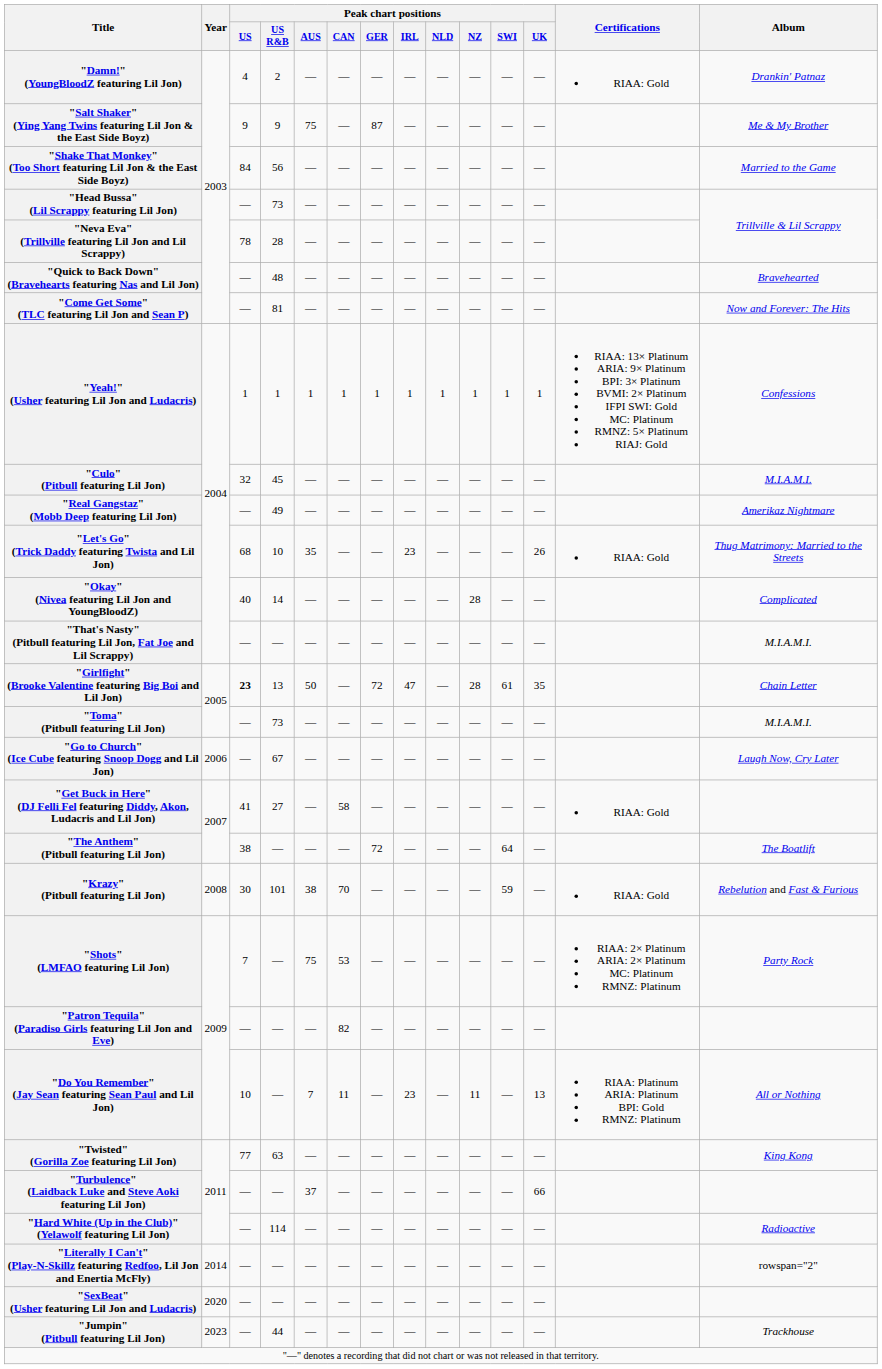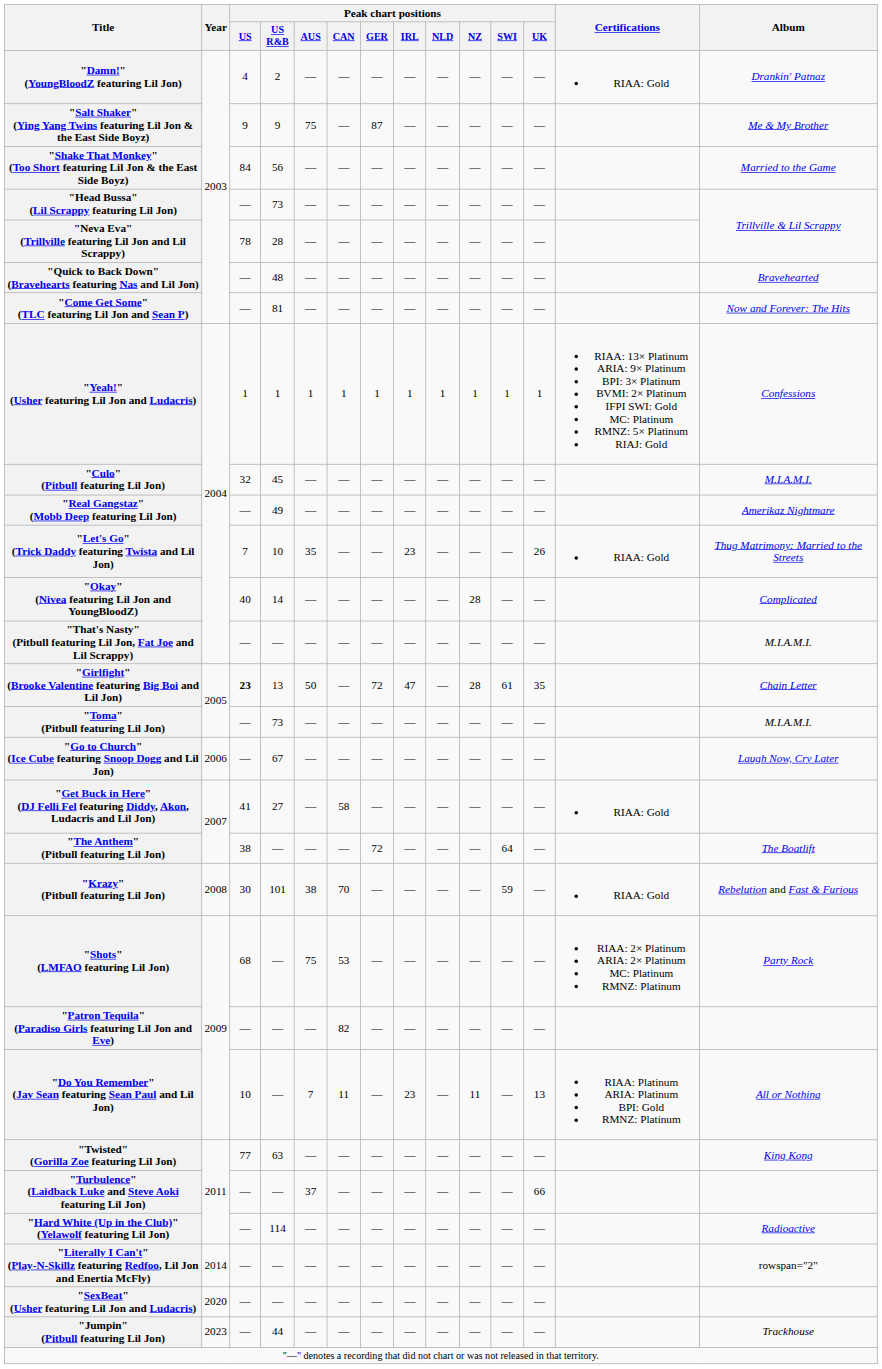 <table class="wikitable plainrowheaders" style="text-align:center;" border="1">
 <tr>
 <th scope="col" rowspan="2" style="width:20em;">Title</th>
 <th scope="col" rowspan="2">Year</th>
 <th scope="col" colspan="10">Peak chart positions</th>
 <th scope="col" rowspan="2" style="width:14em;"><a href='#'>Certifications</a></th>
 <th scope="col" rowspan="2" style="width:18em;">Album</th>
 </tr>
 <tr>
 <th scope="col" style="width:3em;font-size:90%;"><a href='#'>US</a></th>
 <th scope="col" style="width:3em;font-size:90%;"><a href='#'>US R&B</a></th>
 <th scope="col" style="width:3em;font-size:90%;"><a href='#'>AUS</a><br></th>
 <th scope="col" style="width:3em;font-size:90%;"><a href='#'>CAN</a></th>
 <th scope="col" style="width:3em;font-size:90%;"><a href='#'>GER</a></th>
 <th scope="col" style="width:3em;font-size:90%;"><a href='#'>IRL</a></th>
 <th scope="col" style="width:3em;font-size:90%;"><a href='#'>NLD</a></th>
 <th scope="col" style="width:3em;font-size:90%;"><a href='#'>NZ</a></th>
 <th scope="col" style="width:3em;font-size:90%;"><a href='#'>SWI</a></th>
 <th scope="col" style="width:3em;font-size:90%;"><a href='#'>UK</a></th>
 </tr>
 <tr>
 <th scope="row">"<a href='#'>Damn!</a>"<br><span>(<a href='#'>YoungBloodZ</a> featuring Lil Jon)</span></th>
 <td rowspan="7">2003</td>
 <td>4</td>
 <td>2</td>
 <td>—</td>
 <td>—</td>
 <td>—</td>
 <td>—</td>
 <td>—</td>
 <td>—</td>
 <td>—</td>
 <td>—</td>
 <td><br><ul><li>RIAA: Gold</li></ul></td>
 <td><em><a href='#'>Drankin' Patnaz</a></em></td>
 </tr>
 <tr>
 <th scope="row">"<a href='#'>Salt Shaker</a>" <br><span>(<a href='#'>Ying Yang Twins</a> featuring Lil Jon & the East Side Boyz)</span></th>
 <td>9</td>
 <td>9</td>
 <td>75</td>
 <td>—</td>
 <td>87</td>
 <td>—</td>
 <td>—</td>
 <td>—</td>
 <td>—</td>
 <td>—</td>
 <td></td>
 <td><em><a href='#'>Me & My Brother</a></em></td>
 </tr>
 <tr>
 <th scope="row">"<a href='#'>Shake That Monkey</a>"<br><span>(<a href='#'>Too Short</a> featuring Lil Jon & the East Side Boyz)</span></th>
 <td>84</td>
 <td>56</td>
 <td>—</td>
 <td>—</td>
 <td>—</td>
 <td>—</td>
 <td>—</td>
 <td>—</td>
 <td>—</td>
 <td>—</td>
 <td></td>
 <td><em><a href='#'>Married to the Game</a></em></td>
 </tr>
 <tr>
 <th scope="row">"Head Bussa" <br><span>(<a href='#'>Lil Scrappy</a> featuring Lil Jon)</span></th>
 <td>—</td>
 <td>73</td>
 <td>—</td>
 <td>—</td>
 <td>—</td>
 <td>—</td>
 <td>—</td>
 <td>—</td>
 <td>—</td>
 <td>—</td>
 <td></td>
 <td rowspan="2"><em><a href='#'>Trillville & Lil Scrappy</a></em></td>
 </tr>
 <tr>
 <th scope="row">"Neva Eva" <br><span>(<a href='#'>Trillville</a> featuring Lil Jon and Lil Scrappy)</span></th>
 <td>78</td>
 <td>28</td>
 <td>—</td>
 <td>—</td>
 <td>—</td>
 <td>—</td>
 <td>—</td>
 <td>—</td>
 <td>—</td>
 <td>—</td>
 <td></td>
 </tr>
 <tr>
 <th scope="row">"Quick to Back Down" <br><span>(<a href='#'>Bravehearts</a> featuring <a href='#'>Nas</a> and Lil Jon)</span></th>
 <td>—</td>
 <td>48</td>
 <td>—</td>
 <td>—</td>
 <td>—</td>
 <td>—</td>
 <td>—</td>
 <td>—</td>
 <td>—</td>
 <td>—</td>
 <td></td>
 <td><em><a href='#'>Bravehearted</a></em></td>
 </tr>
 <tr>
 <th scope="row">"<a href='#'>Come Get Some</a>" <br><span>(<a href='#'>TLC</a> featuring Lil Jon and <a href='#'>Sean P</a>)</span></th>
 <td>—</td>
 <td>81</td>
 <td>—</td>
 <td>—</td>
 <td>—</td>
 <td>—</td>
 <td>—</td>
 <td>—</td>
 <td>—</td>
 <td>—</td>
 <td></td>
 <td><em><a href='#'>Now and Forever: The Hits</a></em></td>
 </tr>
 <tr>
 <th scope="row">"<a href='#'>Yeah!</a>"<br><span>(<a href='#'>Usher</a> featuring Lil Jon and <a href='#'>Ludacris</a>)</span></th>
 <td rowspan="6">2004</td>
 <td>1</td>
 <td>1</td>
 <td>1</td>
 <td>1</td>
 <td>1</td>
 <td>1</td>
 <td>1</td>
 <td>1</td>
 <td>1</td>
 <td>1</td>
 <td><br><ul><li>RIAA: 13× Platinum</li><li>ARIA: 9× Platinum</li><li>BPI: 3× Platinum</li><li>BVMI: 2× Platinum</li><li>IFPI SWI: Gold</li><li>MC: Platinum</li><li>RMNZ: 5× Platinum</li><li>RIAJ: Gold</li></ul></td>
 <td><em><a href='#'>Confessions</a></em></td>
 </tr>
 <tr>
 <th scope="row">"<a href='#'>Culo</a>" <br><span>(<a href='#'>Pitbull</a> featuring Lil Jon)</span></th>
 <td>32</td>
 <td>45</td>
 <td>—</td>
 <td>—</td>
 <td>—</td>
 <td>—</td>
 <td>—</td>
 <td>—</td>
 <td>—</td>
 <td>—</td>
 <td></td>
 <td><em><a href='#'>M.I.A.M.I.</a></em></td>
 </tr>
 <tr>
 <th scope="row">"<a href='#'>Real Gangstaz</a>"<br><span>(<a href='#'>Mobb Deep</a> featuring Lil Jon)</span></th>
 <td>—</td>
 <td>49</td>
 <td>—</td>
 <td>—</td>
 <td>—</td>
 <td>—</td>
 <td>—</td>
 <td>—</td>
 <td>—</td>
 <td>—</td>
 <td></td>
 <td><em><a href='#'>Amerikaz Nightmare</a></em></td>
 </tr>
 <tr>
 <th scope="row">"<a href='#'>Let's Go</a>"<br><span>(<a href='#'>Trick Daddy</a> featuring <a href='#'>Twista</a> and Lil Jon)</span></th>
-<td>68</td>
+<td>7</td>
 <td>10</td>
 <td>35</td>
 <td>—</td>
 <td>—</td>
 <td>23</td>
 <td>—</td>
 <td>—</td>
 <td>—</td>
 <td>26</td>
 <td><br><ul><li>RIAA: Gold</li></ul></td>
 <td><em><a href='#'>Thug Matrimony: Married to the Streets</a></em></td>
 </tr>
 <tr>
 <th scope="row">"<a href='#'>Okay</a>" <br><span>(<a href='#'>Nivea</a> featuring Lil Jon and YoungBloodZ)</span></th>
 <td>40</td>
 <td>14</td>
 <td>—</td>
 <td>—</td>
 <td>—</td>
 <td>—</td>
 <td>—</td>
 <td>28</td>
 <td>—</td>
 <td>—</td>
 <td></td>
 <td><em><a href='#'>Complicated</a></em></td>
 </tr>
 <tr>
 <th scope="row">"That's Nasty" <br><span>(Pitbull featuring Lil Jon, <a href='#'>Fat Joe</a> and Lil Scrappy)</span></th>
 <td>—</td>
 <td>—</td>
 <td>—</td>
 <td>—</td>
 <td>—</td>
 <td>—</td>
 <td>—</td>
 <td>—</td>
 <td>—</td>
 <td>—</td>
 <td></td>
 <td><em>M.I.A.M.I.</em></td>
 </tr>
 <tr>
 <th scope="row">"<a href='#'>Girlfight</a>"<br><span>(<a href='#'>Brooke Valentine</a> featuring <a href='#'>Big Boi</a> and Lil Jon)</span></th>
 <td rowspan="2">2005</td>
 <td><strong>23</strong></td>
 <td>13</td>
 <td>50</td>
 <td>—</td>
 <td>72</td>
 <td>47</td>
 <td>—</td>
 <td>28</td>
 <td>61</td>
 <td>35</td>
 <td></td>
 <td><em><a href='#'>Chain Letter</a></em></td>
 </tr>
 <tr>
 <th scope="row">"<a href='#'>Toma</a>" <br><span>(Pitbull featuring Lil Jon)</span></th>
 <td>—</td>
 <td>73</td>
 <td>—</td>
 <td>—</td>
 <td>—</td>
 <td>—</td>
 <td>—</td>
 <td>—</td>
 <td>—</td>
 <td>—</td>
 <td></td>
 <td><em>M.I.A.M.I.</em></td>
 </tr>
 <tr>
 <th scope="row">"<a href='#'>Go to Church</a>"<br><span>(<a href='#'>Ice Cube</a> featuring <a href='#'>Snoop Dogg</a> and Lil Jon)</span></th>
 <td>2006</td>
 <td>—</td>
 <td>67</td>
 <td>—</td>
 <td>—</td>
 <td>—</td>
 <td>—</td>
 <td>—</td>
 <td>—</td>
 <td>—</td>
 <td>—</td>
 <td></td>
 <td><em><a href='#'>Laugh Now, Cry Later</a></em></td>
 </tr>
 <tr>
 <th scope="row">"<a href='#'>Get Buck in Here</a>"<br><span>(<a href='#'>DJ Felli Fel</a> featuring <a href='#'>Diddy</a>, <a href='#'>Akon</a>, Ludacris and Lil Jon)</span></th>
 <td rowspan="2">2007</td>
 <td>41</td>
 <td>27</td>
 <td>—</td>
 <td>58</td>
 <td>—</td>
 <td>—</td>
 <td>—</td>
 <td>—</td>
 <td>—</td>
 <td>—</td>
 <td><br><ul><li>RIAA: Gold</li></ul></td>
 <td></td>
 </tr>
 <tr>
 <th scope="row">"<a href='#'>The Anthem</a>" <br><span>(Pitbull featuring Lil Jon)</span></th>
 <td>38</td>
 <td>—</td>
 <td>—</td>
 <td>—</td>
 <td>72</td>
 <td>—</td>
 <td>—</td>
 <td>—</td>
 <td>64</td>
 <td>—</td>
 <td></td>
 <td><em><a href='#'>The Boatlift</a></em></td>
 </tr>
 <tr>
 <th scope="row">"<a href='#'>Krazy</a>"<br><span>(Pitbull featuring Lil Jon)</span></th>
 <td>2008</td>
 <td>30</td>
 <td>101</td>
 <td>38</td>
 <td>70</td>
 <td>—</td>
 <td>—</td>
 <td>—</td>
 <td>—</td>
 <td>59</td>
 <td>—</td>
 <td><br><ul><li>RIAA: Gold</li></ul></td>
 <td><em><a href='#'>Rebelution</a></em> and <em><a href='#'>Fast & Furious</a></em></td>
 </tr>
 <tr>
 <th scope="row">"<a href='#'>Shots</a>"<br><span>(<a href='#'>LMFAO</a> featuring Lil Jon)</span></th>
 <td rowspan="3">2009</td>
-<td>7</td>
+<td>68</td>
 <td>—</td>
 <td>75</td>
 <td>53</td>
 <td>—</td>
 <td>—</td>
 <td>—</td>
 <td>—</td>
 <td>—</td>
 <td>—</td>
 <td><br><ul><li>RIAA: 2× Platinum</li><li>ARIA: 2× Platinum</li><li>MC: Platinum</li><li>RMNZ: Platinum</li></ul></td>
 <td><em><a href='#'>Party Rock</a></em></td>
 </tr>
 <tr>
 <th scope="row">"<a href='#'>Patron Tequila</a>" <br><span>(<a href='#'>Paradiso Girls</a> featuring Lil Jon and <a href='#'>Eve</a>)</span></th>
 <td>—</td>
 <td>—</td>
 <td>—</td>
 <td>82</td>
 <td>—</td>
 <td>—</td>
 <td>—</td>
 <td>—</td>
 <td>—</td>
 <td>—</td>
 <td></td>
 <td></td>
 </tr>
 <tr>
 <th scope="row">"<a href='#'>Do You Remember</a>" <br><span>(<a href='#'>Jay Sean</a> featuring <a href='#'>Sean Paul</a> and Lil Jon)</span></th>
 <td>10</td>
 <td>—</td>
 <td>7</td>
 <td>11</td>
 <td>—</td>
 <td>23</td>
 <td>—</td>
 <td>11</td>
 <td>—</td>
 <td>13</td>
 <td><br><ul><li>RIAA: Platinum</li><li>ARIA: Platinum</li><li>BPI: Gold</li><li>RMNZ: Platinum</li></ul></td>
 <td><em><a href='#'>All or Nothing</a></em></td>
 </tr>
 <tr>
 <th scope="row">"Twisted"<br><span>(<a href='#'>Gorilla Zoe</a> featuring Lil Jon)</span></th>
 <td rowspan="3">2011</td>
 <td>77</td>
 <td>63</td>
 <td>—</td>
 <td>—</td>
 <td>—</td>
 <td>—</td>
 <td>—</td>
 <td>—</td>
 <td>—</td>
 <td>—</td>
 <td></td>
 <td><em><a href='#'>King Kong</a></em></td>
 </tr>
 <tr>
 <th scope="row">"<a href='#'>Turbulence</a>" <br><span>(<a href='#'>Laidback Luke</a> and <a href='#'>Steve Aoki</a> featuring Lil Jon)</span></th>
 <td>—</td>
 <td>—</td>
 <td>37</td>
 <td>—</td>
 <td>—</td>
 <td>—</td>
 <td>—</td>
 <td>—</td>
 <td>—</td>
 <td>66</td>
 <td></td>
 <td></td>
 </tr>
 <tr>
 <th scope="row">"<a href='#'>Hard White (Up in the Club)</a>" <br><span>(<a href='#'>Yelawolf</a> featuring Lil Jon)</span></th>
 <td>—</td>
 <td>114</td>
 <td>—</td>
 <td>—</td>
 <td>—</td>
 <td>—</td>
 <td>—</td>
 <td>—</td>
 <td>—</td>
 <td>—</td>
 <td></td>
 <td><em><a href='#'>Radioactive</a></em></td>
 </tr>
 <tr>
 <th scope="row">"<a href='#'>Literally I Can't</a>"<br><span>(<a href='#'>Play-N-Skillz</a> featuring <a href='#'>Redfoo</a>, Lil Jon and Enertia McFly)</span></th>
 <td>2014</td>
 <td>—</td>
 <td>—</td>
 <td>—</td>
 <td>—</td>
 <td>—</td>
 <td>—</td>
 <td>—</td>
 <td>—</td>
 <td>—</td>
 <td>—</td>
 <td></td>
 <td>rowspan="2" </td>
 </tr>
 <tr>
 <th scope="row">"<a href='#'>SexBeat</a>" <br><span>(<a href='#'>Usher</a> featuring Lil Jon and <a href='#'>Ludacris</a>)</span></th>
 <td>2020</td>
 <td>—</td>
 <td>—</td>
 <td>—</td>
 <td>—</td>
 <td>—</td>
 <td>—</td>
 <td>—</td>
 <td>—</td>
 <td>—</td>
 <td>—</td>
 <td></td>
 </tr>
 <tr>
 <th scope="row">"Jumpin" <br><span>(<a href='#'>Pitbull</a> featuring Lil Jon)</span></th>
 <td>2023</td>
 <td>—</td>
 <td>44</td>
 <td>—</td>
 <td>—</td>
 <td>—</td>
 <td>—</td>
 <td>—</td>
 <td>—</td>
 <td>—</td>
 <td>—</td>
 <td></td>
 <td><em>Trackhouse</em></td>
 </tr>
 <tr>
 <td colspan="15" style="font-size:90%">"—" denotes a recording that did not chart or was not released in that territory.</td>
 </tr>
 </table>
